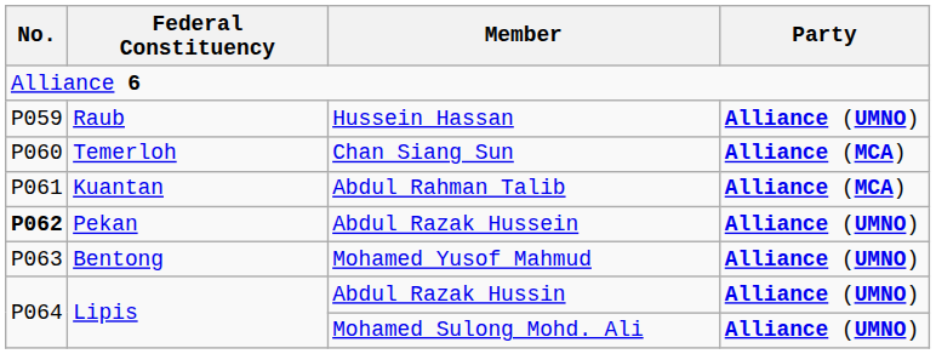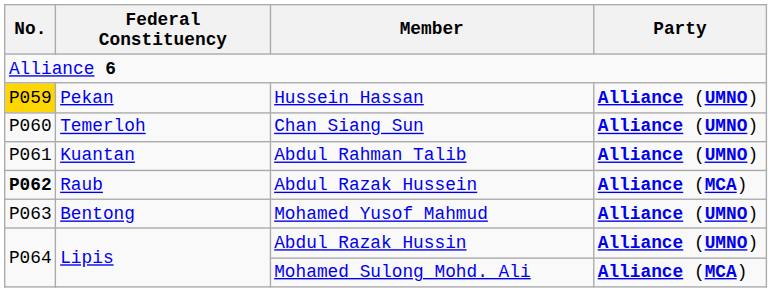 <table class="wikitable sortable">
 <tr>
 <th style="width:30px;">No.</th>
 <th style="width:150px;">Federal Constituency</th>
 <th style="width:230px;">Member</th>
 <th style="width:120px;">Party</th>
 </tr>
 <tr>
 <td colspan="4"><a href='#'>Alliance</a> <strong>6</strong></td>
 </tr>
 <tr>
-<td>P059</td>
-<td><a href='#'>Raub</a></td>
+<td style="background: gold;">P059</td>
+<td><a href='#'>Pekan</a></td>
 <td><a href='#'>Hussein Hassan</a></td>
 <td><strong><a href='#'>Alliance</a></strong> (<strong><a href='#'>UMNO</a></strong>)</td>
 </tr>
 <tr>
 <td>P060</td>
 <td><a href='#'>Temerloh</a></td>
 <td><a href='#'>Chan Siang Sun</a></td>
-<td><strong><a href='#'>Alliance</a></strong> (<strong><a href='#'>MCA</a></strong>)</td>
+<td><strong><a href='#'>Alliance</a></strong> (<strong><a href='#'>UMNO</a></strong>)</td>
 </tr>
 <tr>
 <td>P061</td>
 <td><a href='#'>Kuantan</a></td>
 <td><a href='#'>Abdul Rahman Talib</a></td>
-<td><strong><a href='#'>Alliance</a></strong> (<strong><a href='#'>MCA</a></strong>)</td>
+<td><strong><a href='#'>Alliance</a></strong> (<strong><a href='#'>UMNO</a></strong>)</td>
 </tr>
 <tr>
 <td><strong>P062</strong></td>
-<td><a href='#'>Pekan</a></td>
+<td><a href='#'>Raub</a></td>
 <td><a href='#'>Abdul Razak Hussein</a></td>
-<td><strong><a href='#'>Alliance</a></strong> (<strong><a href='#'>UMNO</a></strong>)</td>
+<td><strong><a href='#'>Alliance</a></strong> (<strong><a href='#'>MCA</a></strong>)</td>
 </tr>
 <tr>
 <td>P063</td>
 <td><a href='#'>Bentong</a></td>
 <td><a href='#'>Mohamed Yusof Mahmud</a></td>
 <td><strong><a href='#'>Alliance</a></strong> (<strong><a href='#'>UMNO</a></strong>)</td>
 </tr>
 <tr>
 <td rowspan=2>P064</td>
 <td rowspan=2><a href='#'>Lipis</a></td>
 <td><a href='#'>Abdul Razak Hussin</a> </td>
 <td><strong><a href='#'>Alliance</a></strong> (<strong><a href='#'>UMNO</a></strong>)</td>
 </tr>
 <tr>
 <td><a href='#'>Mohamed Sulong Mohd. Ali</a> </td>
-<td><strong><a href='#'>Alliance</a></strong> (<strong><a href='#'>UMNO</a></strong>)</td>
+<td><strong><a href='#'>Alliance</a></strong> (<strong><a href='#'>MCA</a></strong>)</td>
 </tr>
 </table>
